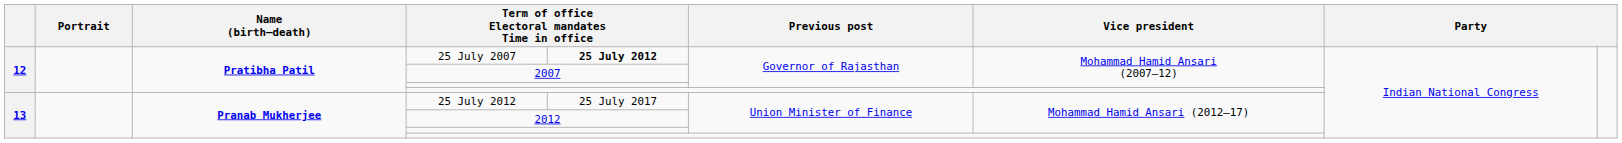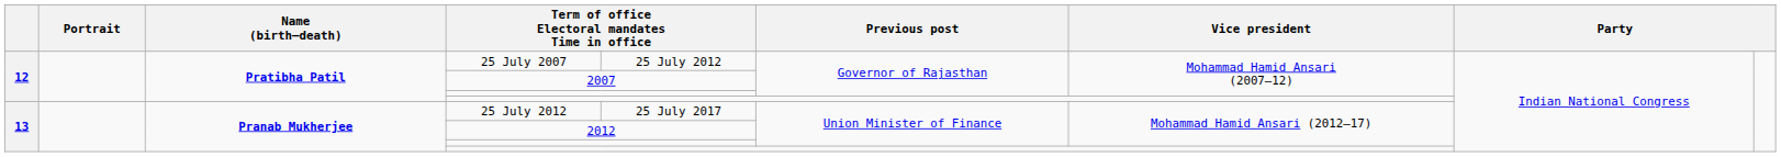 <table class="wikitable sortable" style="text-align:center;width:98%;margin-top:0.5em;">
 <tr>
 <th scope="col"></th>
 <th scope="col" class="unsortable">Portrait</th>
 <th scope="col" style="width:17%;">Name<br>(birth–death)</th>
 <th colspan="2">Term of office<br>Electoral mandates<br>Time in office</th>
 <th scope="col">Previous post</th>
 <th scope="col">Vice president</th>
 <th colspan="2" scope="col" class="unsortable">Party</th>
 </tr>
 <tr>
 <th rowspan="4"><a href='#'>12</a></th>
 <td rowspan="4"></td>
 <td rowspan="4" scope="row"><strong><a href='#'>Pratibha Patil</a></strong><br></td>
 <td>25 July 2007</td>
-<td><strong>25 July 2012</strong></td>
+<td>25 July 2012</td>
 <td rowspan="3"><a href='#'>Governor of Rajasthan</a></td>
 <td rowspan="3"><a href='#'>Mohammad Hamid Ansari</a><br>(2007–12)</td>
 <td rowspan="8"><a href='#'>Indian National Congress</a></td>
 <td rowspan="8" style="background:"> </td>
 </tr>
 <tr>
 <td colspan="2"><a href='#'>2007</a></td>
 </tr>
 <tr>
 <td colspan="2"></td>
 </tr>
 <tr>
 <td colspan="4"></td>
 </tr>
 <tr>
 <th rowspan="4"><a href='#'>13</a></th>
 <td rowspan="4"></td>
 <td rowspan="4" scope="row"><strong><a href='#'>Pranab Mukherjee</a></strong><br></td>
 <td>25 July 2012</td>
 <td>25 July 2017</td>
 <td rowspan="3"><a href='#'>Union Minister of Finance</a></td>
 <td rowspan="3"><a href='#'>Mohammad Hamid Ansari</a> (2012–17)</td>
 </tr>
 <tr>
 <td colspan="2"><a href='#'>2012</a></td>
 </tr>
 <tr>
 <td colspan="2"></td>
 </tr>
 <tr>
 <td colspan="4"></td>
 </tr>
 </table>
